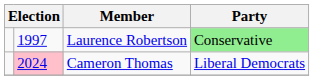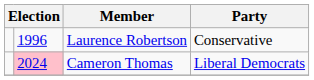 <table class="wikitable">
 <tr>
 <th colspan="2">Election</th>
 <th>Member</th>
 <th>Party</th>
 </tr>
 <tr>
 <td style="color:inherit;background-color: "></td>
-<td><a href='#'>1997</a></td>
+<td><a href='#'>1996</a></td>
 <td><a href='#'>Laurence Robertson</a></td>
-<td style="background: lightgreen;">Conservative</td>
+<td>Conservative</td>
 </tr>
 <tr>
 <td style="color:inherit;background-color: "></td>
 <td style="background: pink;"><a href='#'>2024</a></td>
 <td><a href='#'>Cameron Thomas</a></td>
 <td><a href='#'>Liberal Democrats</a></td>
 </tr>
 <tr>
 </tr>
 </table>
